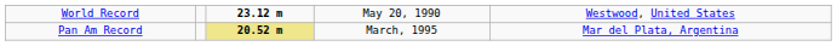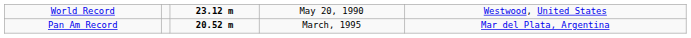 <table class="wikitable" style=" text-align:center; font-size:95%;" width="75%">
 <tr>
 <td><a href='#'>World Record</a></td>
 <td></td>
 <td><strong>23.12 m </strong></td>
 <td>May 20, 1990</td>
 <td> <a href='#'>Westwood</a>, <a href='#'>United States</a></td>
 </tr>
 <tr>
 <td><a href='#'>Pan Am Record</a></td>
 <td></td>
-<td style="background: khaki;"><strong>20.52 m </strong></td>
+<td><strong>20.52 m </strong></td>
 <td>March, 1995</td>
 <td> <a href='#'>Mar del Plata, Argentina</a></td>
 </tr>
 </table>
